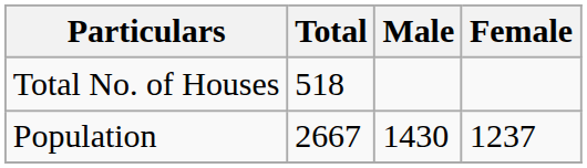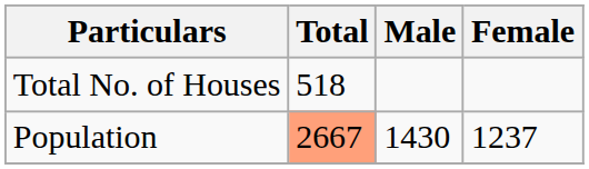 <table class="wikitable sortable">
 <tr>
 <th>Particulars</th>
 <th>Total</th>
 <th>Male</th>
 <th>Female</th>
 </tr>
 <tr>
 <td>Total No. of Houses</td>
 <td>518</td>
 <td></td>
 <td></td>
 </tr>
 <tr>
 <td>Population</td>
-<td>2667</td>
+<td style="background: lightsalmon;">2667</td>
 <td>1430</td>
 <td>1237</td>
 </tr>
 <tr>
 </tr>
 </table>
